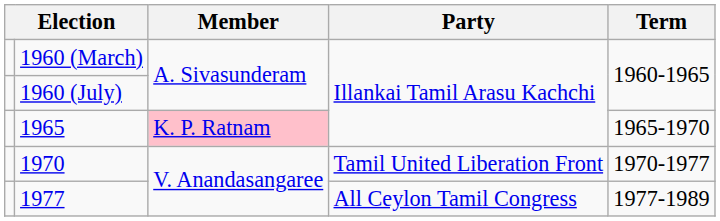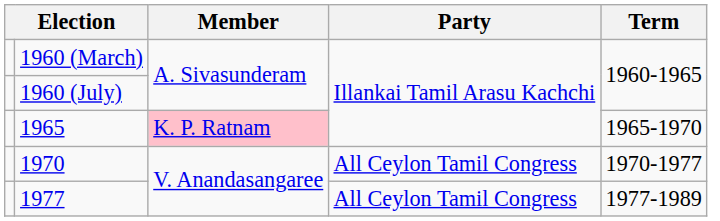 <table class="wikitable">
 <tr>
 <th colspan="2">Election</th>
 <th>Member</th>
 <th>Party</th>
 <th>Term</th>
 </tr>
 <tr>
 <td style="background-color: "></td>
 <td><a href='#'>1960 (March)</a></td>
 <td rowspan ="2"><a href='#'>A. Sivasunderam</a></td>
 <td rowspan ="3"><a href='#'>Illankai Tamil Arasu Kachchi</a></td>
 <td rowspan ="2">1960-1965</td>
 </tr>
 <tr>
 <td style="background-color: "></td>
 <td><a href='#'>1960 (July)</a></td>
 </tr>
 <tr>
 <td style="background-color: "></td>
 <td><a href='#'>1965</a></td>
 <td style="background: pink;"><a href='#'>K. P. Ratnam</a></td>
 <td>1965-1970</td>
 </tr>
 <tr>
 <td style="background-color: "></td>
 <td><a href='#'>1970</a></td>
 <td rowspan ="2"><a href='#'>V. Anandasangaree</a></td>
-<td><a href='#'>Tamil United Liberation Front</a></td>
+<td><a href='#'>All Ceylon Tamil Congress</a></td>
 <td>1970-1977</td>
 </tr>
 <tr>
 <td style="background-color: "></td>
 <td><a href='#'>1977</a></td>
 <td><a href='#'>All Ceylon Tamil Congress</a></td>
 <td>1977-1989</td>
 </tr>
 </table>
